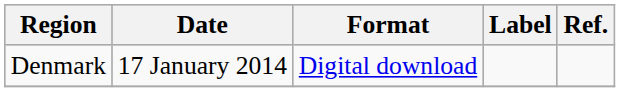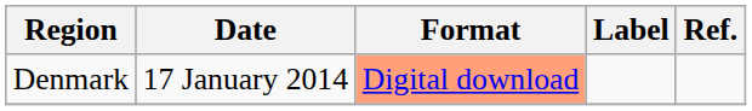 <table class=wikitable>
 <tr>
 <th>Region</th>
 <th>Date</th>
 <th>Format</th>
 <th>Label</th>
 <th>Ref.</th>
 </tr>
 <tr>
 <td>Denmark</td>
 <td>17 January 2014</td>
-<td><a href='#'>Digital download</a></td>
+<td style="background: lightsalmon;"><a href='#'>Digital download</a></td>
 <td></td>
 <td></td>
 </tr>
 <tr>
 </tr>
 </table>
